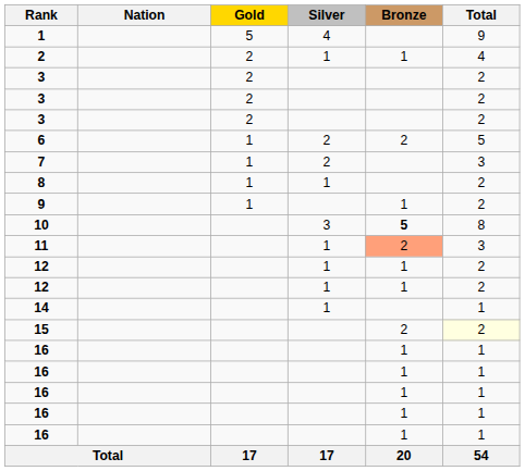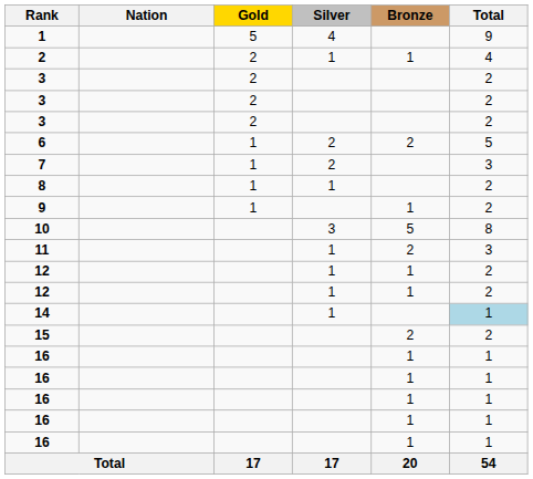 <table class="wikitable collapsible autocollapse plainrowheaders" width=70.5% style="text-align:center;">
 <tr style="background-color:#EDEDED;">
 <th width=100px class="hintergrundfarbe5">Rank</th>
 <th width=200px class="hintergrundfarbe6">Nation</th>
 <th style="background:    gold; width:15%">Gold</th>
 <th style="background:  silver; width:15%">Silver</th>
 <th style="background: #CC9966; width:15%">Bronze</th>
 <th class="hintergrundfarbe6" style="width:15%">Total</th>
 </tr>
 <tr>
 <td><strong>1</strong></td>
 <td align=left></td>
 <td>5</td>
 <td>4</td>
 <td></td>
 <td>9</td>
 </tr>
 <tr>
 <td><strong>2</strong></td>
 <td align=left></td>
 <td>2</td>
 <td>1</td>
 <td>1</td>
 <td>4</td>
 </tr>
 <tr>
 <td><strong>3</strong></td>
 <td align=left></td>
 <td>2</td>
 <td></td>
 <td></td>
 <td>2</td>
 </tr>
 <tr>
 <td><strong>3</strong></td>
 <td align=left></td>
 <td>2</td>
 <td></td>
 <td></td>
 <td>2</td>
 </tr>
 <tr>
 <td><strong>3</strong></td>
 <td align=left></td>
 <td>2</td>
 <td></td>
 <td></td>
 <td>2</td>
 </tr>
 <tr>
 <td><strong>6</strong></td>
 <td align=left></td>
 <td>1</td>
 <td>2</td>
 <td>2</td>
 <td>5</td>
 </tr>
 <tr>
 <td><strong>7</strong></td>
 <td align=left></td>
 <td>1</td>
 <td>2</td>
 <td></td>
 <td>3</td>
 </tr>
 <tr>
 <td><strong>8</strong></td>
 <td align=left></td>
 <td>1</td>
 <td>1</td>
 <td></td>
 <td>2</td>
 </tr>
 <tr>
 <td><strong>9</strong></td>
 <td align=left></td>
 <td>1</td>
 <td></td>
 <td>1</td>
 <td>2</td>
 </tr>
 <tr>
 <td><strong>10</strong></td>
 <td align=left></td>
 <td></td>
 <td>3</td>
-<td><strong>5</strong></td>
+<td>5</td>
 <td>8</td>
 </tr>
 <tr>
 <td><strong>11</strong></td>
 <td align=left></td>
 <td></td>
 <td>1</td>
-<td style="background: lightsalmon;">2</td>
+<td>2</td>
 <td>3</td>
 </tr>
 <tr>
 <td><strong>12</strong></td>
 <td align=left></td>
 <td></td>
 <td>1</td>
 <td>1</td>
 <td>2</td>
 </tr>
 <tr>
 <td><strong>12</strong></td>
 <td align=left></td>
 <td></td>
 <td>1</td>
 <td>1</td>
 <td>2</td>
 </tr>
 <tr>
 <td><strong>14</strong></td>
 <td align=left></td>
 <td></td>
 <td>1</td>
 <td></td>
-<td>1</td>
+<td style="background: lightblue;">1</td>
 </tr>
 <tr>
 <td><strong>15</strong></td>
 <td align=left></td>
 <td></td>
 <td></td>
 <td>2</td>
-<td style="background: lightyellow;">2</td>
+<td>2</td>
 </tr>
 <tr>
 <td><strong>16</strong></td>
 <td align=left></td>
 <td></td>
 <td></td>
 <td>1</td>
 <td>1</td>
 </tr>
 <tr>
 <td><strong>16</strong></td>
 <td align=left></td>
 <td></td>
 <td></td>
 <td>1</td>
 <td>1</td>
 </tr>
 <tr>
 <td><strong>16</strong></td>
 <td align=left></td>
 <td></td>
 <td></td>
 <td>1</td>
 <td>1</td>
 </tr>
 <tr>
 <td><strong>16</strong></td>
 <td align=left></td>
 <td></td>
 <td></td>
 <td>1</td>
 <td>1</td>
 </tr>
 <tr>
 <td><strong>16</strong></td>
 <td align=left></td>
 <td></td>
 <td></td>
 <td>1</td>
 <td>1</td>
 </tr>
 <tr>
 <th colspan=2>Total</th>
 <th>17</th>
 <th>17</th>
 <th>20</th>
 <th>54</th>
 </tr>
 </table>
